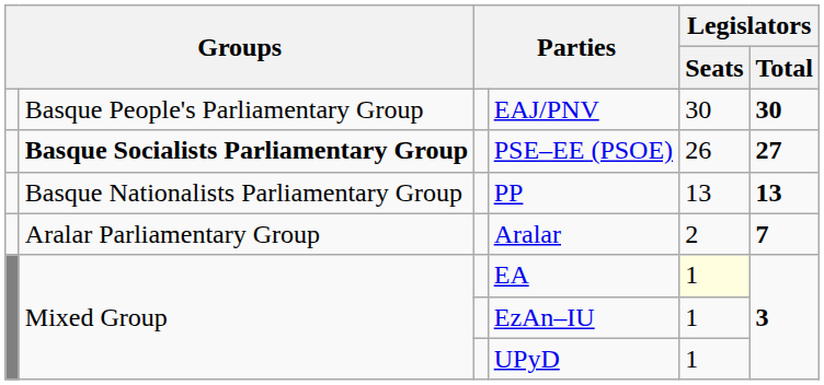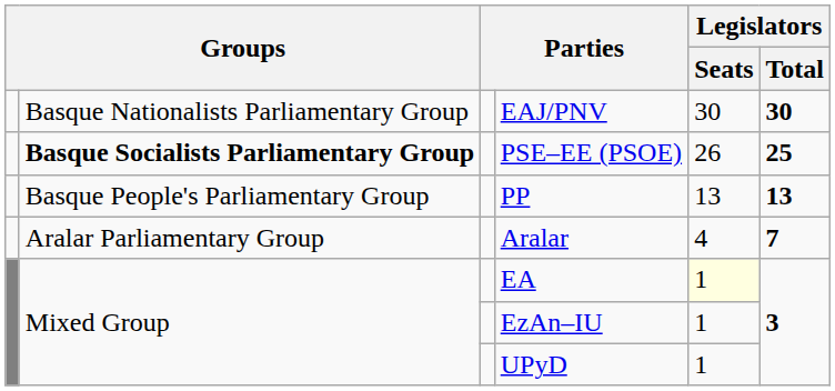 <table class="wikitable" style="text-align:left;">
 <tr>
 <th rowspan="2" colspan="2">Groups</th>
 <th rowspan="2" colspan="2">Parties</th>
 <th colspan="2">Legislators</th>
 </tr>
 <tr>
 <th>Seats</th>
 <th>Total</th>
 </tr>
 <tr>
 <td width="1" style="color:inherit;background:"></td>
-<td>Basque People's Parliamentary Group</td>
+<td>Basque Nationalists Parliamentary Group</td>
 <td width="1" style="color:inherit;background:"></td>
 <td><a href='#'>EAJ/PNV</a></td>
 <td>30</td>
 <td><strong>30</strong></td>
 </tr>
 <tr>
 <td style="color:inherit;background:"></td>
 <td><strong>Basque Socialists Parliamentary Group</strong></td>
 <td style="color:inherit;background:"></td>
 <td><a href='#'>PSE–EE (PSOE)</a></td>
 <td>26</td>
-<td><strong>27</strong></td>
+<td><strong>25</strong></td>
 </tr>
 <tr>
 <td style="color:inherit;background:"></td>
-<td>Basque Nationalists Parliamentary Group</td>
+<td>Basque People's Parliamentary Group</td>
 <td style="color:inherit;background:"></td>
 <td><a href='#'>PP</a></td>
 <td>13</td>
 <td><strong>13</strong></td>
 </tr>
 <tr>
 <td style="color:inherit;background:"></td>
 <td>Aralar Parliamentary Group</td>
 <td style="color:inherit;background:"></td>
 <td><a href='#'>Aralar</a></td>
-<td>2</td>
+<td>4</td>
 <td><strong>7</strong></td>
 </tr>
 <tr>
 <td rowspan="3" bgcolor="gray"></td>
 <td rowspan="3">Mixed Group</td>
 <td style="color:inherit;background:"></td>
 <td><a href='#'>EA</a></td>
 <td style="background: lightyellow;">1</td>
 <td rowspan="3"><strong>3</strong></td>
 </tr>
 <tr>
 <td style="color:inherit;background:"></td>
 <td><a href='#'>EzAn–IU</a></td>
 <td>1</td>
 </tr>
 <tr>
 <td style="color:inherit;background:"></td>
 <td><a href='#'>UPyD</a></td>
 <td>1</td>
 </tr>
 </table>
